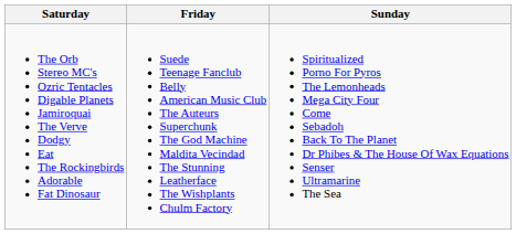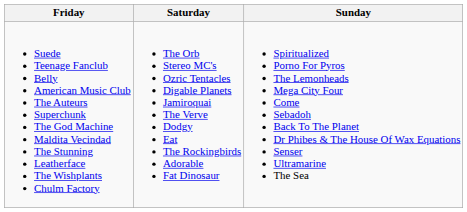 <table class="wikitable">
 <tr>
+<th>Friday</th>
 <th>Saturday</th>
-<th>Friday</th>
 <th>Sunday</th>
 </tr>
 <tr valign="top">
+<td><br><ul><li><a href='#'>Suede</a></li><li><a href='#'>Teenage Fanclub</a></li><li><a href='#'>Belly</a></li><li><a href='#'>American Music Club</a></li><li><a href='#'>The Auteurs</a></li><li><a href='#'>Superchunk</a></li><li><a href='#'>The God Machine</a></li><li><a href='#'>Maldita Vecindad</a></li><li><a href='#'>The Stunning</a></li><li><a href='#'>Leatherface</a></li><li><a href='#'>The Wishplants</a></li><li><a href='#'>Chulm Factory</a></li></ul></td>
 <td><br><ul><li><a href='#'>The Orb</a></li><li><a href='#'>Stereo MC's</a></li><li><a href='#'>Ozric Tentacles</a></li><li><a href='#'>Digable Planets</a></li><li><a href='#'>Jamiroquai</a></li><li><a href='#'>The Verve</a></li><li><a href='#'>Dodgy</a></li><li><a href='#'>Eat</a></li><li><a href='#'>The Rockingbirds</a></li><li><a href='#'>Adorable</a></li><li><a href='#'>Fat Dinosaur</a></li></ul></td>
-<td><br><ul><li><a href='#'>Suede</a></li><li><a href='#'>Teenage Fanclub</a></li><li><a href='#'>Belly</a></li><li><a href='#'>American Music Club</a></li><li><a href='#'>The Auteurs</a></li><li><a href='#'>Superchunk</a></li><li><a href='#'>The God Machine</a></li><li><a href='#'>Maldita Vecindad</a></li><li><a href='#'>The Stunning</a></li><li><a href='#'>Leatherface</a></li><li><a href='#'>The Wishplants</a></li><li><a href='#'>Chulm Factory</a></li></ul></td>
 <td><br><ul><li><a href='#'>Spiritualized</a></li><li><a href='#'>Porno For Pyros</a></li><li><a href='#'>The Lemonheads</a></li><li><a href='#'>Mega City Four</a></li><li><a href='#'>Come</a></li><li><a href='#'>Sebadoh</a></li><li><a href='#'>Back To The Planet</a></li><li><a href='#'>Dr Phibes & The House Of Wax Equations</a></li><li><a href='#'>Senser</a></li><li><a href='#'>Ultramarine</a></li><li>The Sea</li></ul></td>
 </tr>
 </table>
